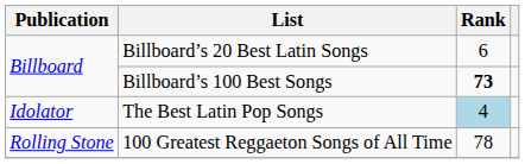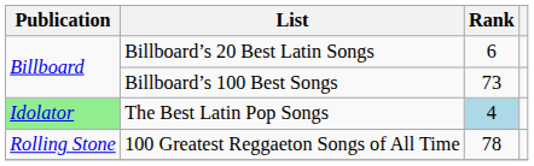 <table class="sortable wikitable">
 <tr>
 <th>Publication</th>
 <th>List</th>
 <th>Rank</th>
 <th class="unsortable"></th>
 </tr>
 <tr>
 <td rowspan="2"><em><a href='#'>Billboard</a></em></td>
 <td>Billboard’s 20 Best Latin Songs</td>
 <td style="text-align:center">6</td>
 <td style="text-align:center;"></td>
 </tr>
 <tr>
 <td>Billboard’s 100 Best Songs</td>
-<td style="text-align:center"><strong>73</strong></td>
+<td style="text-align:center">73</td>
 <td style="text-align:center;"></td>
 </tr>
 <tr>
-<td><em><a href='#'>Idolator</a></em></td>
+<td style="background: lightgreen;"><em><a href='#'>Idolator</a></em></td>
 <td>The Best Latin Pop Songs</td>
 <td style="background: lightblue; text-align:center">4</td>
 <td style="text-align:center;"></td>
 </tr>
 <tr>
 <td><em><a href='#'>Rolling Stone</a></em></td>
 <td>100 Greatest Reggaeton Songs of All Time</td>
 <td style="text-align:center">78</td>
 <td style="text-align:center;"></td>
 </tr>
 <tr>
 </tr>
 </table>
